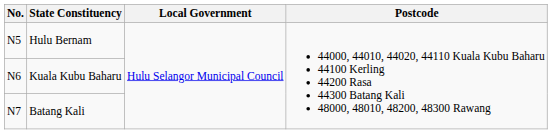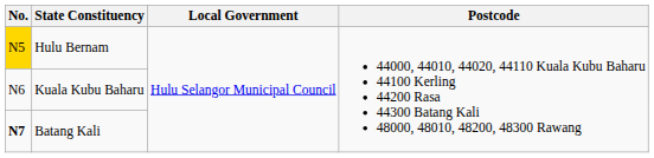 <table class="wikitable">
 <tr>
 <th>No.</th>
 <th>State Constituency</th>
 <th>Local Government</th>
 <th>Postcode</th>
 </tr>
 <tr>
-<td>N5</td>
+<td style="background: gold;">N5</td>
 <td>Hulu Bernam</td>
 <td rowspan="3"><a href='#'>Hulu Selangor Municipal Council</a></td>
 <td rowspan="3"><br><ul><li>44000, 44010, 44020, 44110 Kuala Kubu Baharu</li><li>44100 Kerling</li><li>44200 Rasa</li><li>44300 Batang Kali</li><li>48000, 48010, 48200, 48300 Rawang</li></ul></td>
 </tr>
 <tr>
 <td>N6</td>
 <td>Kuala Kubu Baharu</td>
 </tr>
 <tr>
-<td>N7</td>
+<td><strong>N7</strong></td>
 <td>Batang Kali</td>
 </tr>
 </table>
